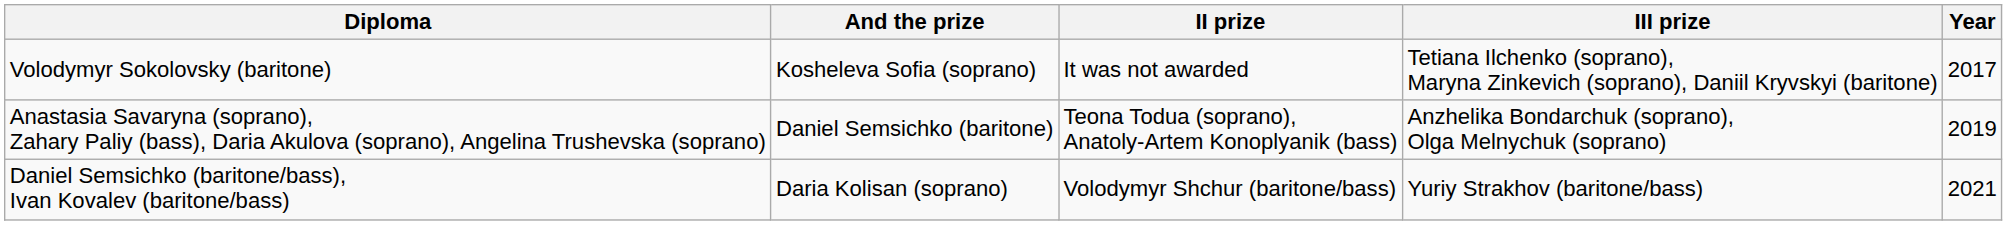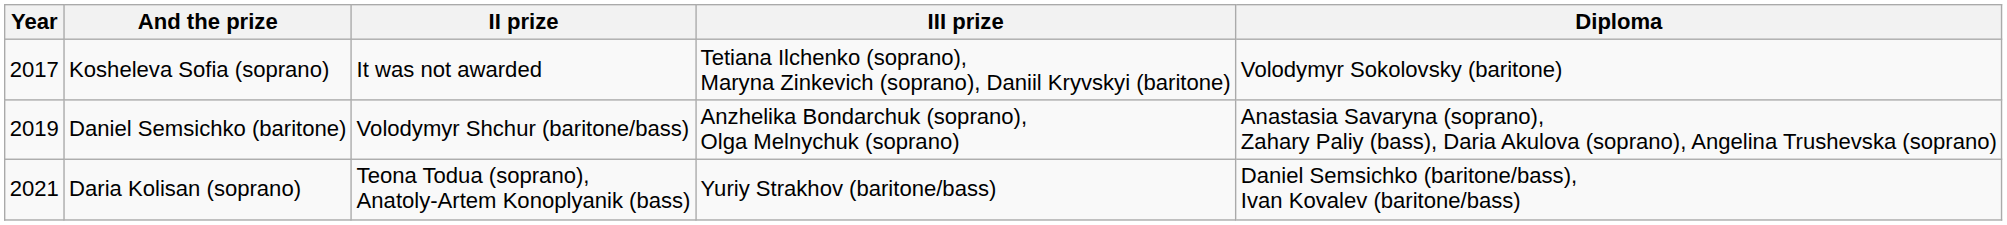 <table class="wikitable">
 <tr>
-<th>Diploma</th>
+<th>Year</th>
 <th>And the prize</th>
 <th>II prize</th>
 <th>III prize</th>
-<th>Year</th>
+<th>Diploma</th>
 </tr>
 <tr>
-<td>Volodymyr Sokolovsky (baritone)</td>
+<td>2017</td>
 <td>Kosheleva Sofia (soprano)</td>
 <td>It was not awarded</td>
 <td>Tetiana Ilchenko (soprano),<br>Maryna Zinkevich (soprano), Daniil Kryvskyi (baritone)</td>
-<td>2017</td>
+<td>Volodymyr Sokolovsky (baritone)</td>
 </tr>
 <tr>
+<td>2019</td>
+<td>Daniel Semsichko (baritone)</td>
+<td>Volodymyr Shchur (baritone/bass)</td>
+<td>Anzhelika Bondarchuk (soprano),<br>Olga Melnychuk (soprano)</td>
 <td>Anastasia Savaryna (soprano),<br>Zahary Paliy (bass), Daria Akulova (soprano), Angelina Trushevska (soprano)</td>
-<td>Daniel Semsichko (baritone)</td>
-<td>Teona Todua (soprano),<br>Anatoly-Artem Konoplyanik (bass)</td>
-<td>Anzhelika Bondarchuk (soprano),<br>Olga Melnychuk (soprano)</td>
-<td>2019</td>
 </tr>
 <tr>
+<td>2021</td>
+<td>Daria Kolisan (soprano)</td>
+<td>Teona Todua (soprano),<br>Anatoly-Artem Konoplyanik (bass)</td>
+<td>Yuriy Strakhov (baritone/bass)</td>
 <td>Daniel Semsichko (baritone/bass),<br>Ivan Kovalev (baritone/bass)</td>
-<td>Daria Kolisan (soprano)</td>
-<td>Volodymyr Shchur (baritone/bass)</td>
-<td>Yuriy Strakhov (baritone/bass)</td>
-<td>2021</td>
 </tr>
 </table>
